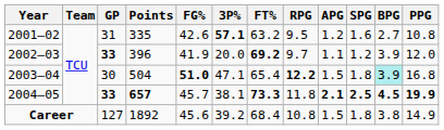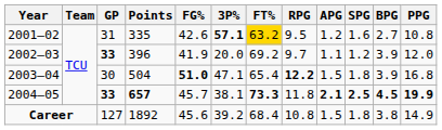 <table class="wikitable sortable">
 <tr>
 <th>Year</th>
 <th>Team</th>
 <th>GP</th>
 <th>Points</th>
 <th>FG%</th>
 <th>3P%</th>
 <th>FT%</th>
 <th>RPG</th>
 <th>APG</th>
 <th>SPG</th>
 <th>BPG</th>
 <th>PPG</th>
 </tr>
 <tr>
 <td>2001–02</td>
 <td rowspan=4><a href='#'>TCU</a></td>
 <td>31</td>
 <td>335</td>
 <td>42.6</td>
 <td><strong>57.1</strong></td>
-<td>63.2</td>
+<td style="background: gold;">63.2</td>
 <td>9.5</td>
 <td>1.2</td>
 <td>1.6</td>
 <td>2.7</td>
 <td>10.8</td>
 </tr>
 <tr>
 <td>2002–03</td>
 <td><strong>33</strong></td>
 <td>396</td>
 <td>41.9</td>
 <td>20.0</td>
-<td><strong>69.2</strong></td>
+<td>69.2</td>
 <td>9.7</td>
 <td>1.1</td>
 <td>1.2</td>
 <td>3.9</td>
 <td>12.0</td>
 </tr>
 <tr>
 <td>2003–04</td>
 <td>30</td>
 <td>504</td>
 <td><strong>51.0</strong></td>
 <td>47.1</td>
 <td>65.4</td>
 <td><strong>12.2</strong></td>
 <td>1.5</td>
 <td>1.8</td>
-<td style="background: paleturquoise;">3.9</td>
+<td>3.9</td>
 <td>16.8</td>
 </tr>
 <tr>
 <td>2004–05</td>
 <td><strong>33</strong></td>
 <td><strong>657</strong></td>
 <td>45.7</td>
 <td>38.1</td>
 <td><strong>73.3</strong></td>
 <td>11.8</td>
 <td><strong>2.1</strong></td>
 <td><strong>2.5</strong></td>
 <td><strong>4.5</strong></td>
 <td><strong>19.9</strong></td>
 </tr>
 <tr class="sortbottom">
 <td colspan=2 align=center><strong>Career</strong></td>
 <td>127</td>
 <td>1892</td>
 <td>45.6</td>
 <td>39.2</td>
 <td>68.4</td>
 <td>10.8</td>
 <td>1.5</td>
 <td>1.8</td>
 <td>3.8</td>
 <td>14.9</td>
 </tr>
 </table>
